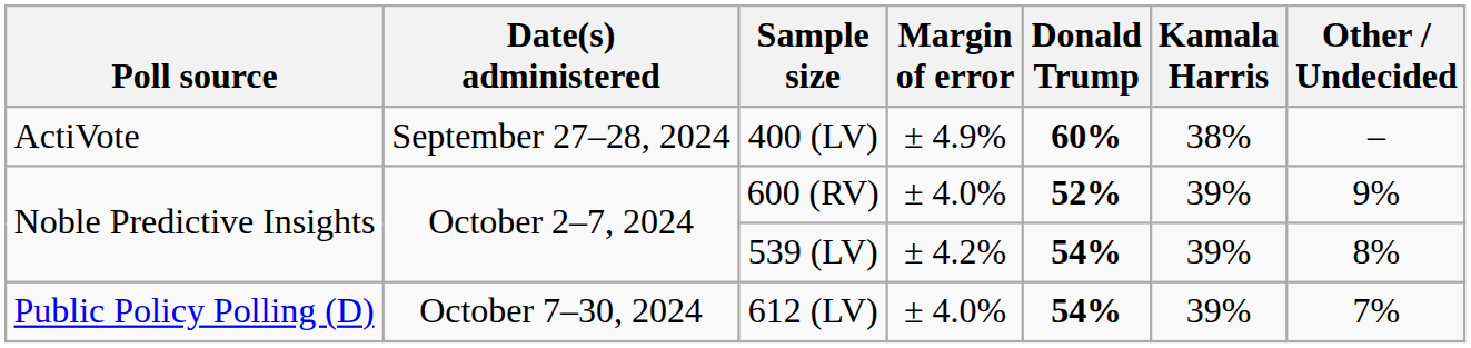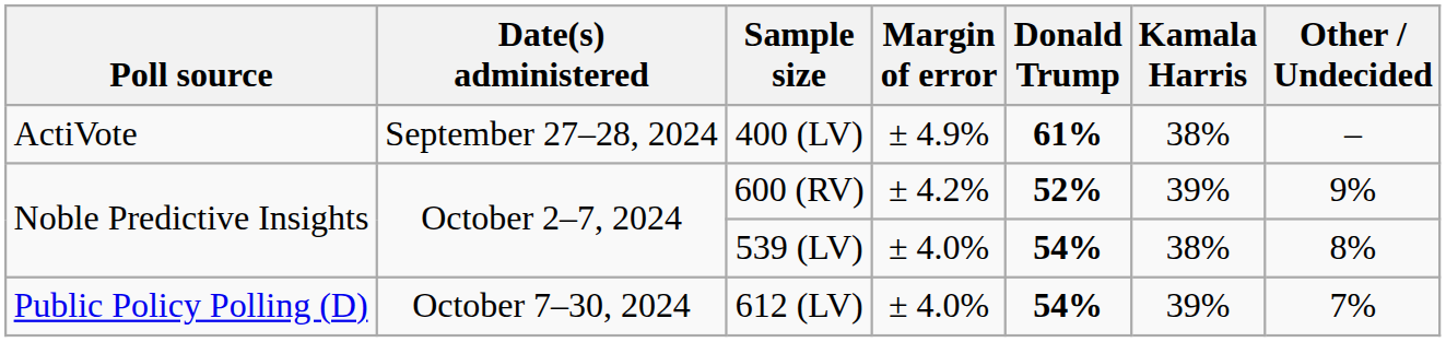 <table class="wikitable sortable mw-datatable" style="font-size:90%;text-align:center;line-height:17px">
 <tr valign=bottom>
 <th>Poll source</th>
 <th>Date(s)<br>administered</th>
 <th>Sample<br>size</th>
 <th>Margin<br>of error</th>
 <th class="unsortable">Donald<br>Trump<br></th>
 <th class="unsortable">Kamala<br>Harris<br></th>
 <th class="unsortable">Other /<br>Undecided</th>
 </tr>
 <tr>
 <td style="text-align:left;">ActiVote</td>
 <td data-sort-value="2024-09-28">September 27–28, 2024</td>
 <td>400 (LV)</td>
 <td>± 4.9%</td>
-<td style="background-color:"><strong>60%</strong></td>
+<td style="background-color:"><strong>61%</strong></td>
 <td>38%</td>
 <td>–</td>
 </tr>
 <tr>
 <td style="text-align:left;" rowspan="2">Noble Predictive Insights</td>
 <td rowspan="2">October 2–7, 2024</td>
 <td>600 (RV)</td>
-<td>± 4.0%</td>
+<td>± 4.2%</td>
 <td style="background-color:"><strong>52%</strong></td>
 <td>39%</td>
 <td>9%</td>
 </tr>
 <tr>
 <td>539 (LV)</td>
-<td>± 4.2%</td>
+<td>± 4.0%</td>
 <td style="background-color:"><strong>54%</strong></td>
-<td>39%</td>
+<td>38%</td>
 <td>8%</td>
 </tr>
 <tr>
 <td style="text-align:left;"><a href='#'>Public Policy Polling (D)</a></td>
 <td data-sort-value="2024-09-28">October 7–30, 2024</td>
 <td>612 (LV)</td>
 <td>± 4.0%</td>
 <td style="background-color:"><strong>54%</strong></td>
 <td>39%</td>
 <td>7%</td>
 </tr>
 </table>
